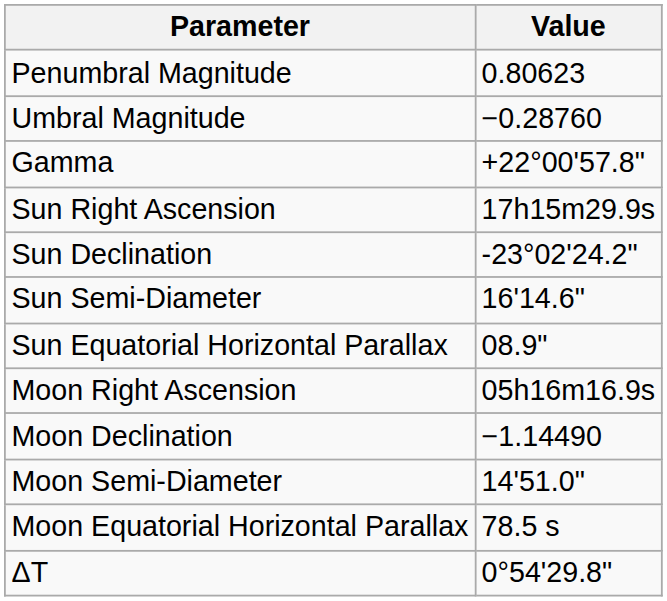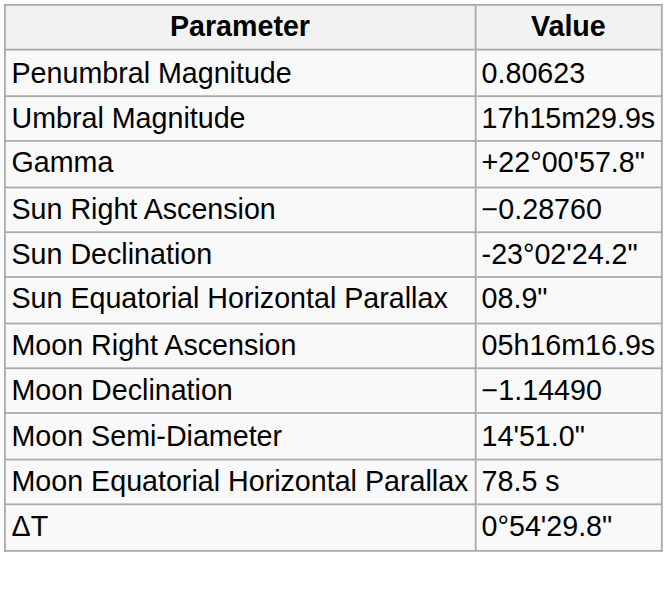 <table class="wikitable">
 <tr>
 <th>Parameter</th>
 <th>Value</th>
 </tr>
 <tr>
 <td>Penumbral Magnitude</td>
 <td>0.80623</td>
 </tr>
 <tr>
 <td>Umbral Magnitude</td>
-<td>−0.28760</td>
+<td>17h15m29.9s</td>
 </tr>
 <tr>
 <td>Gamma</td>
 <td>+22°00'57.8"</td>
 </tr>
 <tr>
 <td>Sun Right Ascension</td>
-<td>17h15m29.9s</td>
+<td>−0.28760</td>
 </tr>
 <tr>
 <td>Sun Declination</td>
 <td>-23°02'24.2"</td>
-</tr>
-<tr>
-<td>Sun Semi-Diameter</td>
-<td>16'14.6"</td>
 </tr>
 <tr>
 <td>Sun Equatorial Horizontal Parallax</td>
 <td>08.9"</td>
 </tr>
 <tr>
 <td>Moon Right Ascension</td>
 <td>05h16m16.9s</td>
 </tr>
 <tr>
 <td>Moon Declination</td>
 <td>−1.14490</td>
 </tr>
 <tr>
 <td>Moon Semi-Diameter</td>
 <td>14'51.0"</td>
 </tr>
 <tr>
 <td>Moon Equatorial Horizontal Parallax</td>
 <td>78.5 s</td>
 </tr>
 <tr>
 <td>ΔT</td>
 <td>0°54'29.8"</td>
 </tr>
 </table>
